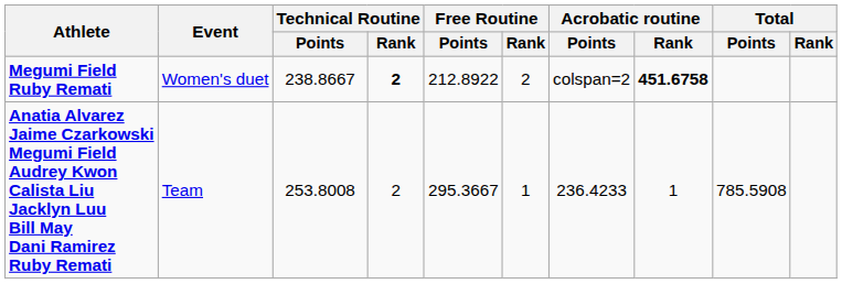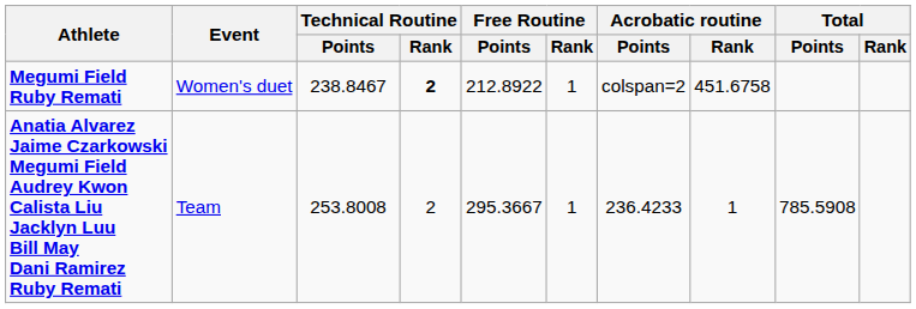 <table class=wikitable style=font-size:90%;text-align:center>
 <tr>
 <th rowspan=2>Athlete</th>
 <th rowspan=2>Event</th>
 <th colspan=2>Technical Routine</th>
 <th colspan=2>Free Routine</th>
 <th colspan=2>Acrobatic routine</th>
 <th colspan=2>Total</th>
 </tr>
 <tr style=font-size:95%>
 <th>Points</th>
 <th>Rank</th>
 <th>Points</th>
 <th>Rank</th>
 <th>Points</th>
 <th>Rank</th>
 <th>Points</th>
 <th>Rank</th>
 </tr>
 <tr>
 <td align=left><strong><a href='#'>Megumi Field</a><br><a href='#'>Ruby Remati</a></strong></td>
 <td align=left><a href='#'>Women's duet</a></td>
-<td>238.8667</td>
+<td>238.8467</td>
 <td><strong>2</strong></td>
 <td>212.8922</td>
-<td>2</td>
+<td>1</td>
 <td>colspan=2 </td>
-<td><strong>451.6758</strong></td>
+<td>451.6758</td>
 <td></td>
 </tr>
 <tr>
 <td align=left><strong><a href='#'>Anatia Alvarez</a><br><a href='#'>Jaime Czarkowski</a><br><a href='#'>Megumi Field</a><br><a href='#'>Audrey Kwon</a><br><a href='#'>Calista Liu</a><br><a href='#'>Jacklyn Luu</a><br><a href='#'>Bill May</a><br><a href='#'>Dani Ramirez</a><br><a href='#'>Ruby Remati</a></strong></td>
 <td align=left><a href='#'>Team</a></td>
 <td>253.8008</td>
 <td>2</td>
 <td>295.3667</td>
 <td>1</td>
 <td>236.4233</td>
 <td>1</td>
 <td>785.5908</td>
 <td></td>
 </tr>
 </table>
